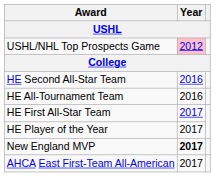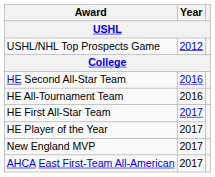 <table class="wikitable">
 <tr>
 <th>Award</th>
 <th>Year</th>
 <th></th>
 </tr>
 <tr>
 <th colspan="3"><a href='#'>USHL</a></th>
 </tr>
 <tr>
 <td>USHL/NHL Top Prospects Game</td>
-<td style="background: pink;"><a href='#'>2012</a></td>
+<td><a href='#'>2012</a></td>
 <td></td>
 </tr>
 <tr>
 <th colspan="3"><a href='#'>College</a></th>
 </tr>
 <tr>
 <td><a href='#'>HE</a> Second All-Star Team</td>
 <td><a href='#'>2016</a></td>
 <td></td>
 </tr>
 <tr>
 <td>HE All-Tournament Team</td>
 <td>2016</td>
 <td></td>
 </tr>
 <tr>
 <td>HE First All-Star Team</td>
 <td><a href='#'>2017</a></td>
 <td rowspan="2"></td>
 </tr>
 <tr>
 <td>HE Player of the Year</td>
 <td>2017</td>
 </tr>
 <tr>
 <td>New England MVP</td>
-<td><strong>2017</strong></td>
+<td>2017</td>
 <td></td>
 </tr>
 <tr>
 <td><a href='#'>AHCA</a> <a href='#'>East First-Team All-American</a></td>
 <td>2017</td>
 <td></td>
 </tr>
 </table>
